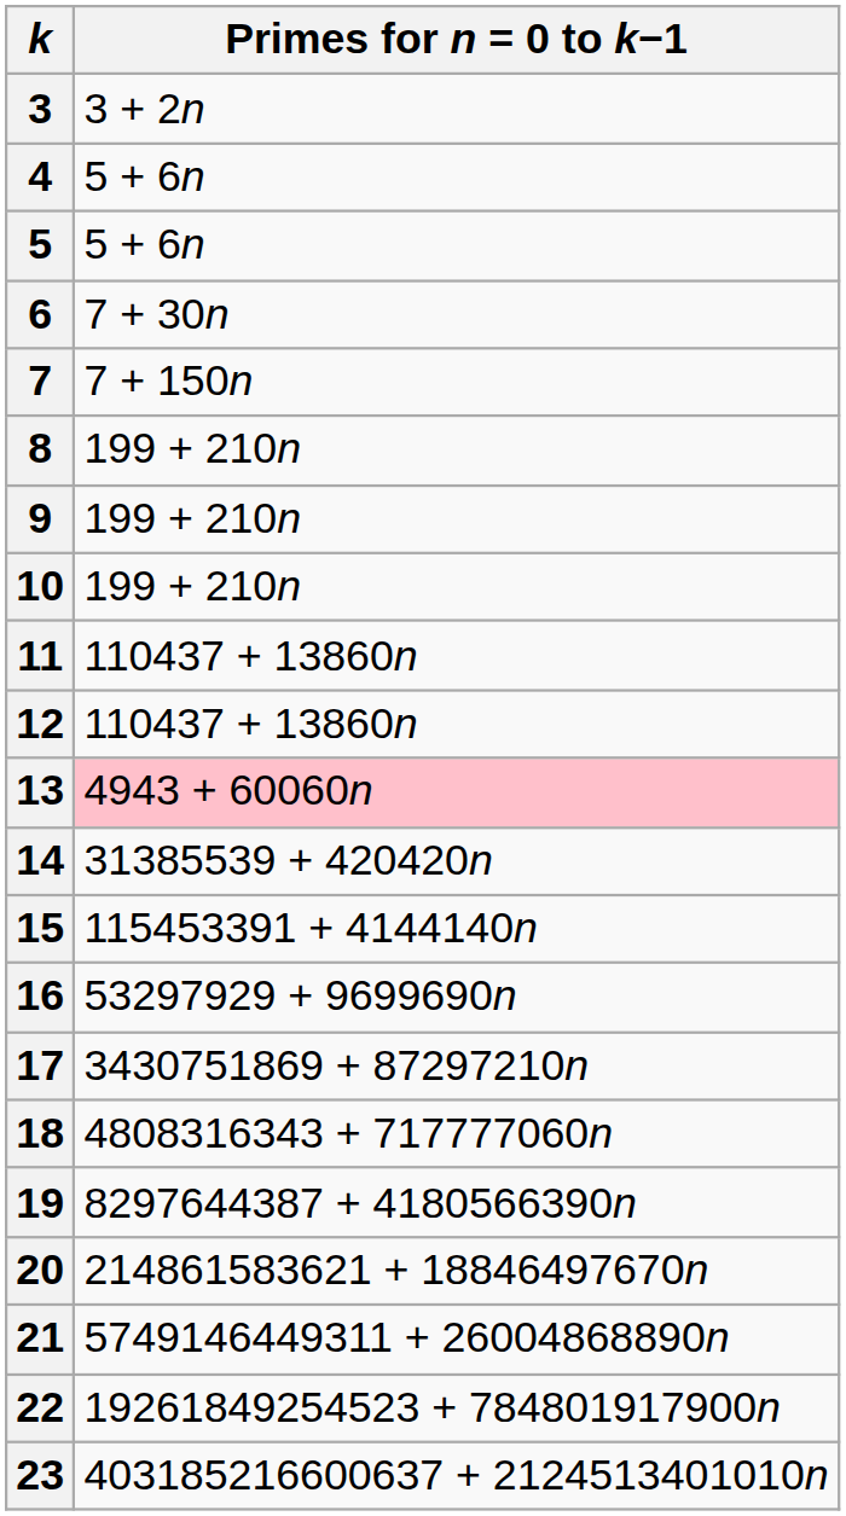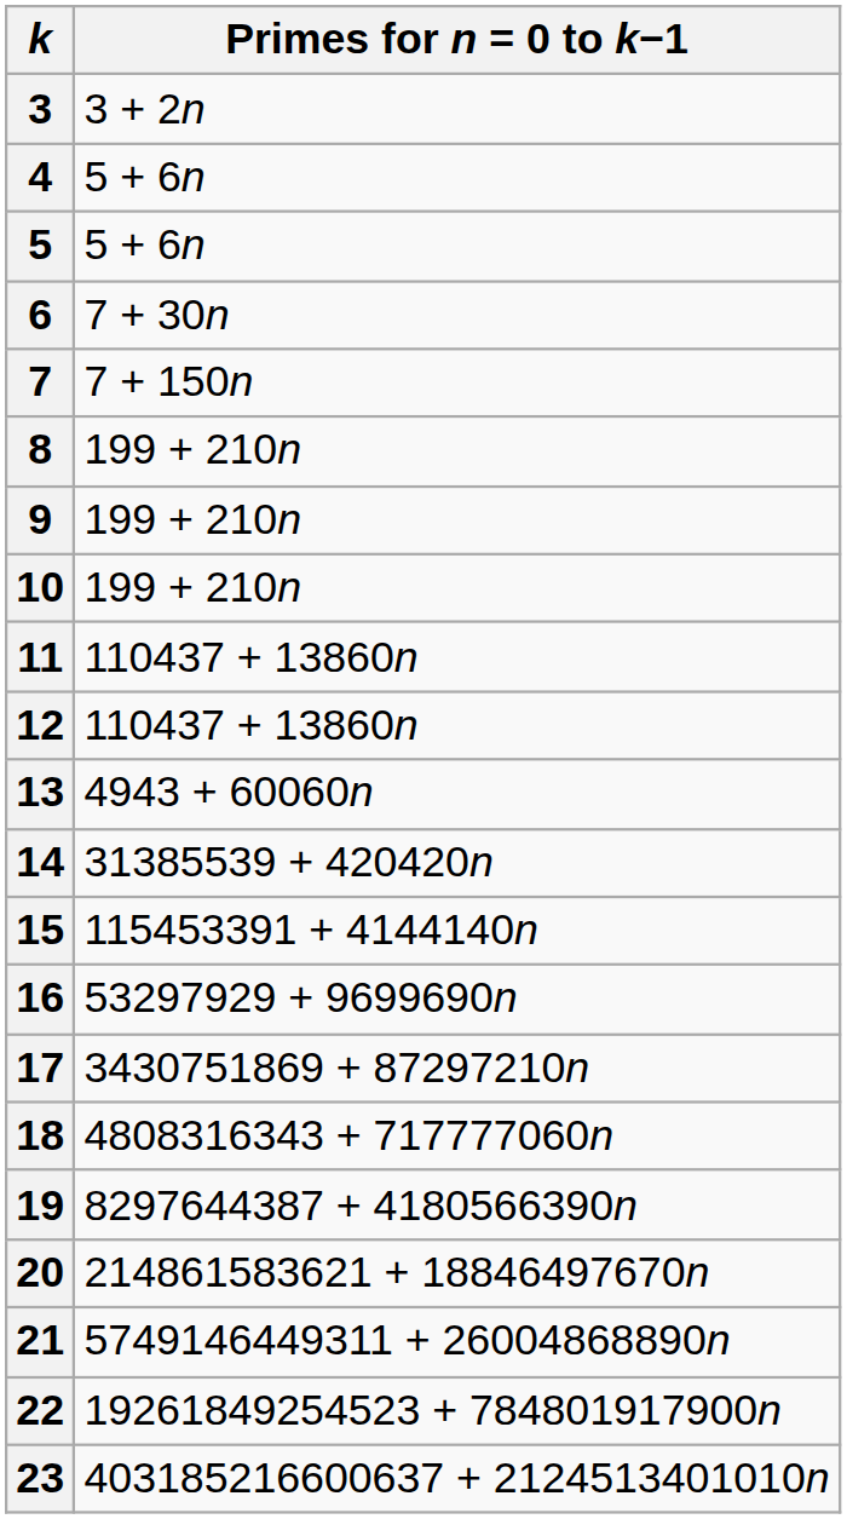 <table class="wikitable">
 <tr>
 <th><em>k</em></th>
 <th>Primes for <em>n</em> = 0 to <em>k</em>−1</th>
 </tr>
 <tr>
 <th>3</th>
 <td>3 + 2<em>n</em></td>
 </tr>
 <tr>
 <th>4</th>
 <td>5 + 6<em>n</em></td>
 </tr>
 <tr>
 <th>5</th>
 <td>5 + 6<em>n</em></td>
 </tr>
 <tr>
 <th>6</th>
 <td>7 + 30<em>n</em></td>
 </tr>
 <tr>
 <th>7</th>
 <td>7 + 150<em>n</em></td>
 </tr>
 <tr>
 <th>8</th>
 <td>199 + 210<em>n</em></td>
 </tr>
 <tr>
 <th>9</th>
 <td>199 + 210<em>n</em></td>
 </tr>
 <tr>
 <th>10</th>
 <td>199 + 210<em>n</em></td>
 </tr>
 <tr>
 <th>11</th>
 <td>110437 + 13860<em>n</em></td>
 </tr>
 <tr>
 <th>12</th>
 <td>110437 + 13860<em>n</em></td>
 </tr>
 <tr>
 <th>13</th>
-<td style="background: pink;">4943 + 60060<em>n</em></td>
+<td>4943 + 60060<em>n</em></td>
 </tr>
 <tr>
 <th>14</th>
 <td>31385539 + 420420<em>n</em></td>
 </tr>
 <tr>
 <th>15</th>
 <td>115453391 + 4144140<em>n</em></td>
 </tr>
 <tr>
 <th>16</th>
 <td>53297929 + 9699690<em>n</em></td>
 </tr>
 <tr>
 <th>17</th>
 <td>3430751869 + 87297210<em>n</em></td>
 </tr>
 <tr>
 <th>18</th>
 <td>4808316343 + 717777060<em>n</em></td>
 </tr>
 <tr>
 <th>19</th>
 <td>8297644387 + 4180566390<em>n</em></td>
 </tr>
 <tr>
 <th>20</th>
 <td>214861583621 + 18846497670<em>n</em></td>
 </tr>
 <tr>
 <th>21</th>
 <td>5749146449311 + 26004868890<em>n</em></td>
 </tr>
 <tr>
 <th>22</th>
 <td>19261849254523 + 784801917900<em>n</em></td>
 </tr>
 <tr>
 <th>23</th>
 <td>403185216600637 + 2124513401010<em>n</em></td>
 </tr>
 </table>
